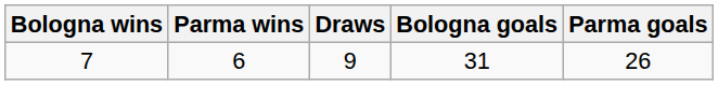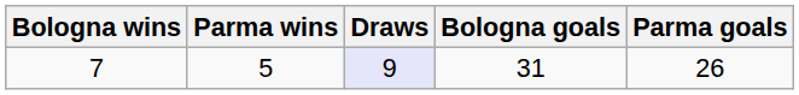 <table class="wikitable" style="font-size:90%; text-align:center;">
 <tr>
 <th>Bologna wins</th>
 <th>Parma wins</th>
 <th>Draws</th>
 <th>Bologna goals</th>
 <th>Parma goals</th>
 </tr>
 <tr>
 <td>7</td>
-<td>6</td>
-<td>9</td>
+<td>5</td>
+<td style="background: lavender;">9</td>
 <td>31</td>
 <td>26</td>
 </tr>
 </table>
